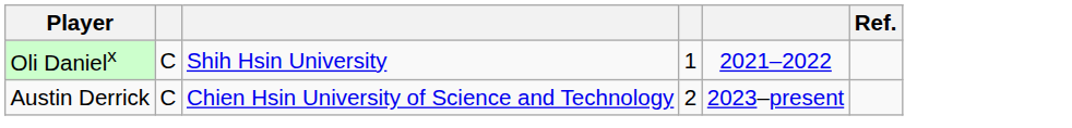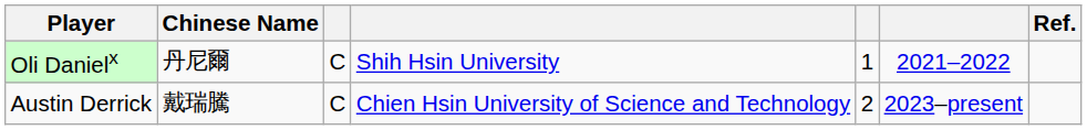 <table class="wikitable sortable" style="font-size:95%; text-align:left;">
 <tr>
 <th>Player</th>
+<th>Chinese Name</th>
 <th></th>
 <th></th>
 <th></th>
 <th></th>
 <th>Ref.</th>
 </tr>
 <tr>
 <td bgcolor="#CCFFCC">Oli Daniel<sup>x</sup></td>
+<td>丹尼爾</td>
 <td align="center">C</td>
 <td><a href='#'>Shih Hsin University</a></td>
 <td align="center">1</td>
 <td align="center"><a href='#'>2021–2022</a></td>
 <td></td>
 </tr>
 <tr>
 <td>Austin Derrick</td>
+<td>戴瑞騰</td>
 <td align="center">C</td>
 <td><a href='#'>Chien Hsin University of Science and Technology</a></td>
 <td align="center">2</td>
 <td align="center"><a href='#'>2023</a>–<a href='#'>present</a></td>
 <td></td>
 </tr>
 </table>
